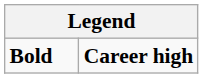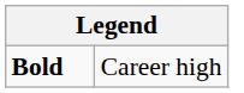 <table class="wikitable">
 <tr>
 <th colspan="2">Legend</th>
 </tr>
 <tr>
 <td style="width:3em;"><strong>Bold</strong></td>
-<td><strong>Career high</strong></td>
+<td>Career high</td>
 </tr>
 </table>
